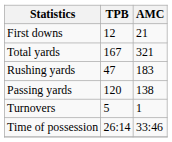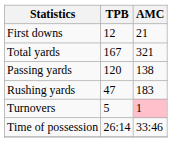 <table class="wikitable" style="float: left;">
 <tr>
 <th>Statistics</th>
 <th>TPB</th>
 <th>AMC</th>
 </tr>
 <tr>
 <td>First downs</td>
 <td>12</td>
 <td>21</td>
 </tr>
 <tr>
 <td>Total yards</td>
 <td>167</td>
 <td>321</td>
 </tr>
 <tr>
+<td>Passing yards</td>
+<td>120</td>
+<td>138</td>
+</tr>
+<tr>
 <td>Rushing yards</td>
 <td>47</td>
 <td>183</td>
 </tr>
 <tr>
-<td>Passing yards</td>
-<td>120</td>
-<td>138</td>
-</tr>
-<tr>
 <td>Turnovers</td>
 <td>5</td>
-<td>1</td>
+<td style="background: pink;">1</td>
 </tr>
 <tr>
 <td>Time of possession</td>
 <td>26:14</td>
 <td>33:46</td>
 </tr>
 <tr>
 </tr>
 </table>
